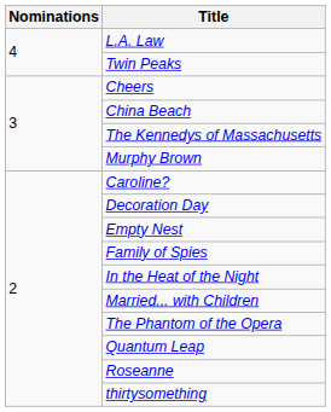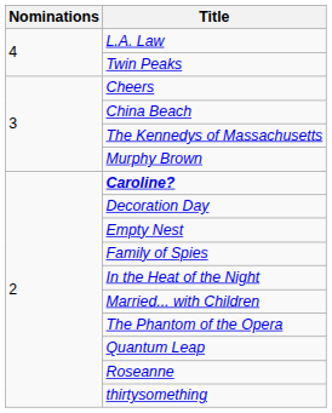 <table class="wikitable">
 <tr>
 <th>Nominations</th>
 <th>Title</th>
 </tr>
 <tr>
 <td rowspan="2">4</td>
 <td><em><a href='#'>L.A. Law</a></em></td>
 </tr>
 <tr>
 <td><em><a href='#'>Twin Peaks</a></em></td>
 </tr>
 <tr>
 <td rowspan="4">3</td>
 <td><em><a href='#'>Cheers</a></em></td>
 </tr>
 <tr>
 <td><em><a href='#'>China Beach</a></em></td>
 </tr>
 <tr>
 <td><em><a href='#'>The Kennedys of Massachusetts</a></em></td>
 </tr>
 <tr>
 <td><em><a href='#'>Murphy Brown</a></em></td>
 </tr>
 <tr>
 <td rowspan="10">2</td>
-<td><em><a href='#'>Caroline?</a></em></td>
+<td><strong><em><a href='#'>Caroline?</a></em></strong></td>
 </tr>
 <tr>
 <td><em><a href='#'>Decoration Day</a></em></td>
 </tr>
 <tr>
 <td><em><a href='#'>Empty Nest</a></em></td>
 </tr>
 <tr>
 <td><em><a href='#'>Family of Spies</a></em></td>
 </tr>
 <tr>
 <td><em><a href='#'>In the Heat of the Night</a></em></td>
 </tr>
 <tr>
 <td><em><a href='#'>Married... with Children</a></em></td>
 </tr>
 <tr>
 <td><em><a href='#'>The Phantom of the Opera</a></em></td>
 </tr>
 <tr>
 <td><em><a href='#'>Quantum Leap</a></em></td>
 </tr>
 <tr>
 <td><em><a href='#'>Roseanne</a></em></td>
 </tr>
 <tr>
 <td><em><a href='#'>thirtysomething</a></em></td>
 </tr>
 </table>
